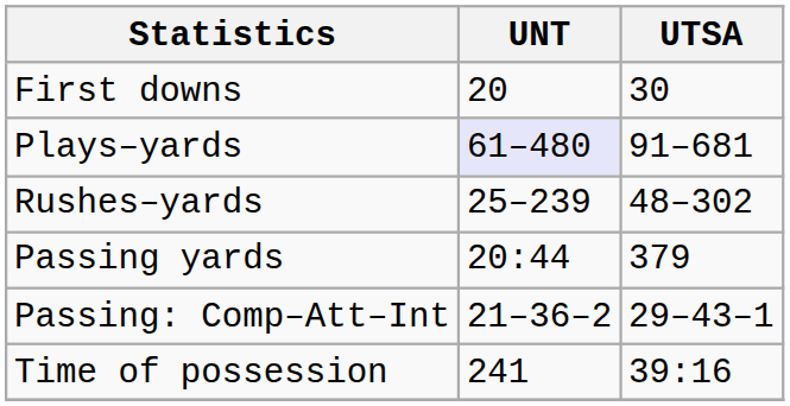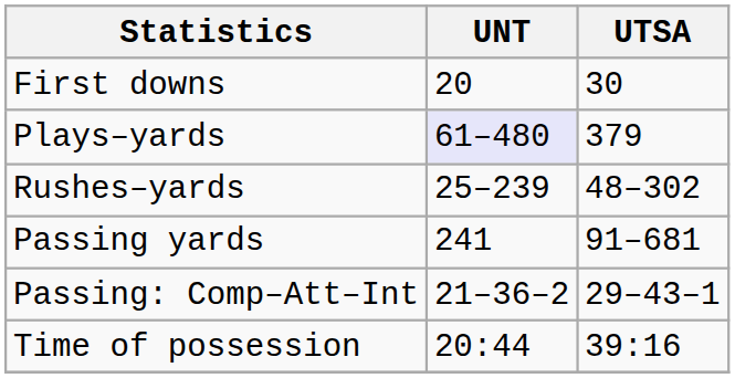 <table class="wikitable" style="float: left;">
 <tr>
 <th>Statistics</th>
 <th>UNT</th>
 <th>UTSA</th>
 </tr>
 <tr>
 <td>First downs</td>
 <td>20</td>
 <td>30</td>
 </tr>
 <tr>
 <td>Plays–yards</td>
 <td style="background: lavender;">61–480</td>
-<td>91–681</td>
+<td>379</td>
 </tr>
 <tr>
 <td>Rushes–yards</td>
 <td>25–239</td>
 <td>48–302</td>
 </tr>
 <tr>
 <td>Passing yards</td>
-<td>20:44</td>
-<td>379</td>
+<td>241</td>
+<td>91–681</td>
 </tr>
 <tr>
 <td>Passing: Comp–Att–Int</td>
 <td>21–36–2</td>
 <td>29–43–1</td>
 </tr>
 <tr>
 <td>Time of possession</td>
-<td>241</td>
+<td>20:44</td>
 <td>39:16</td>
 </tr>
 <tr>
 </tr>
 </table>
